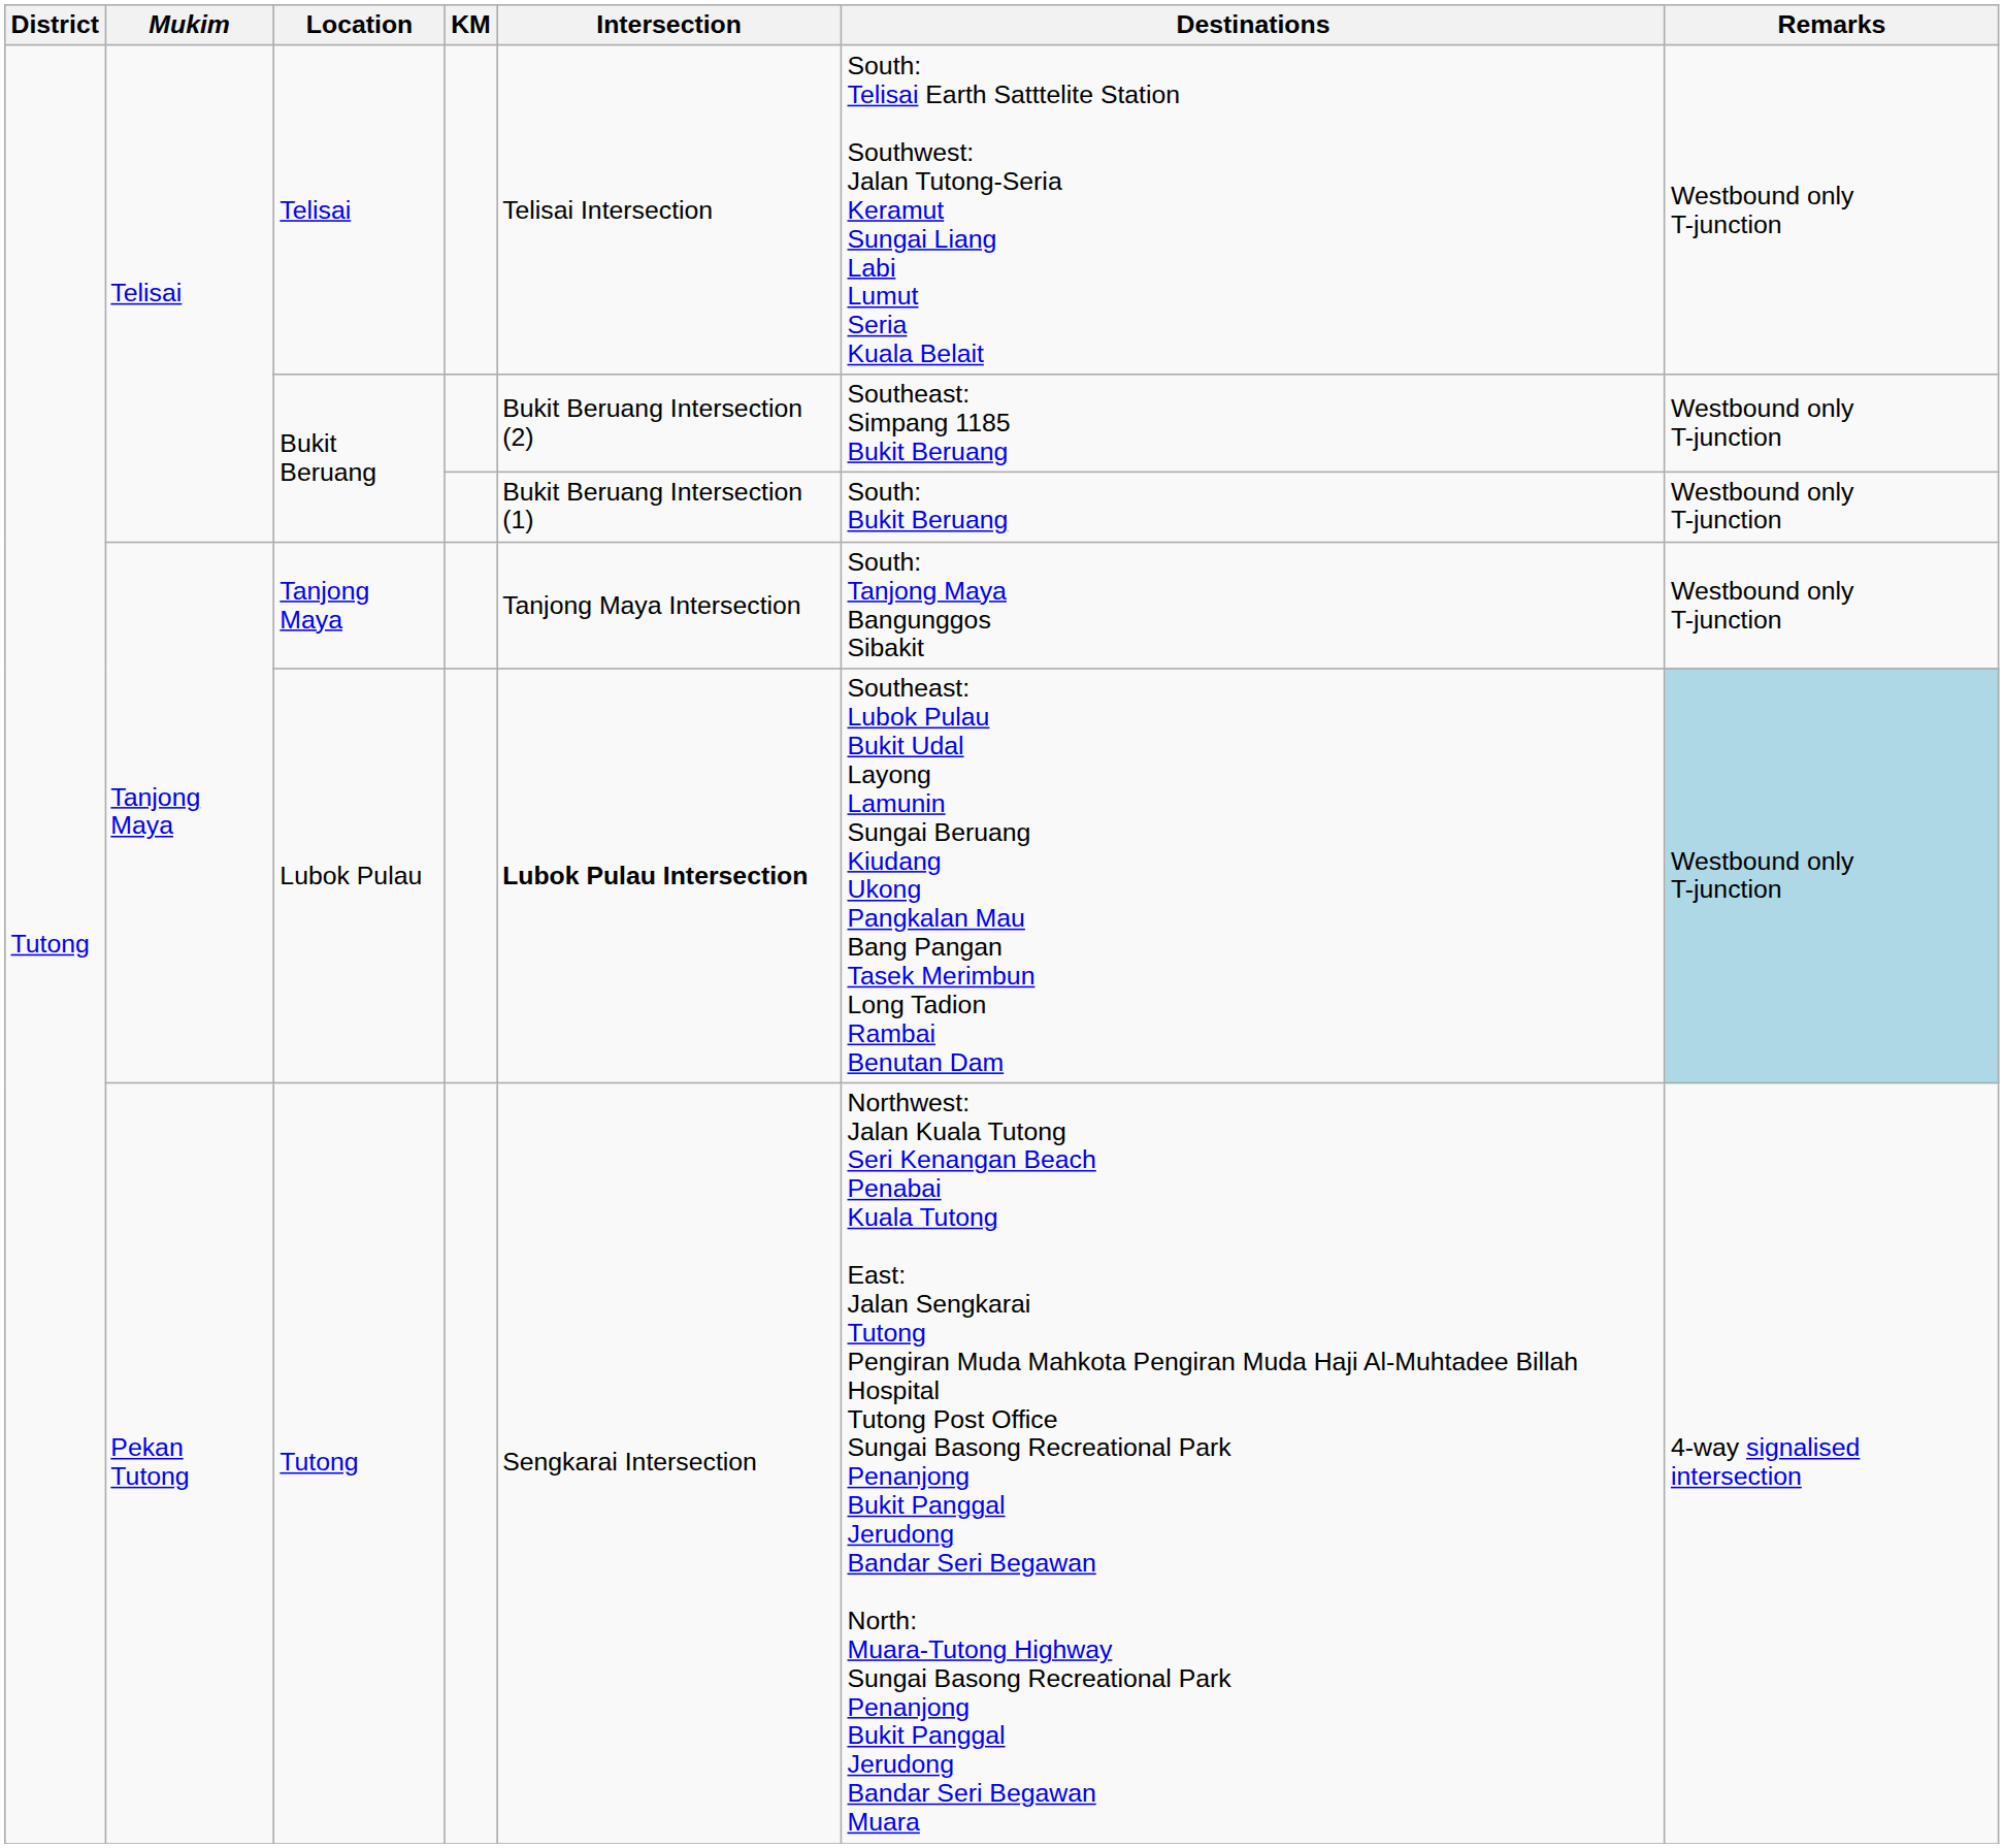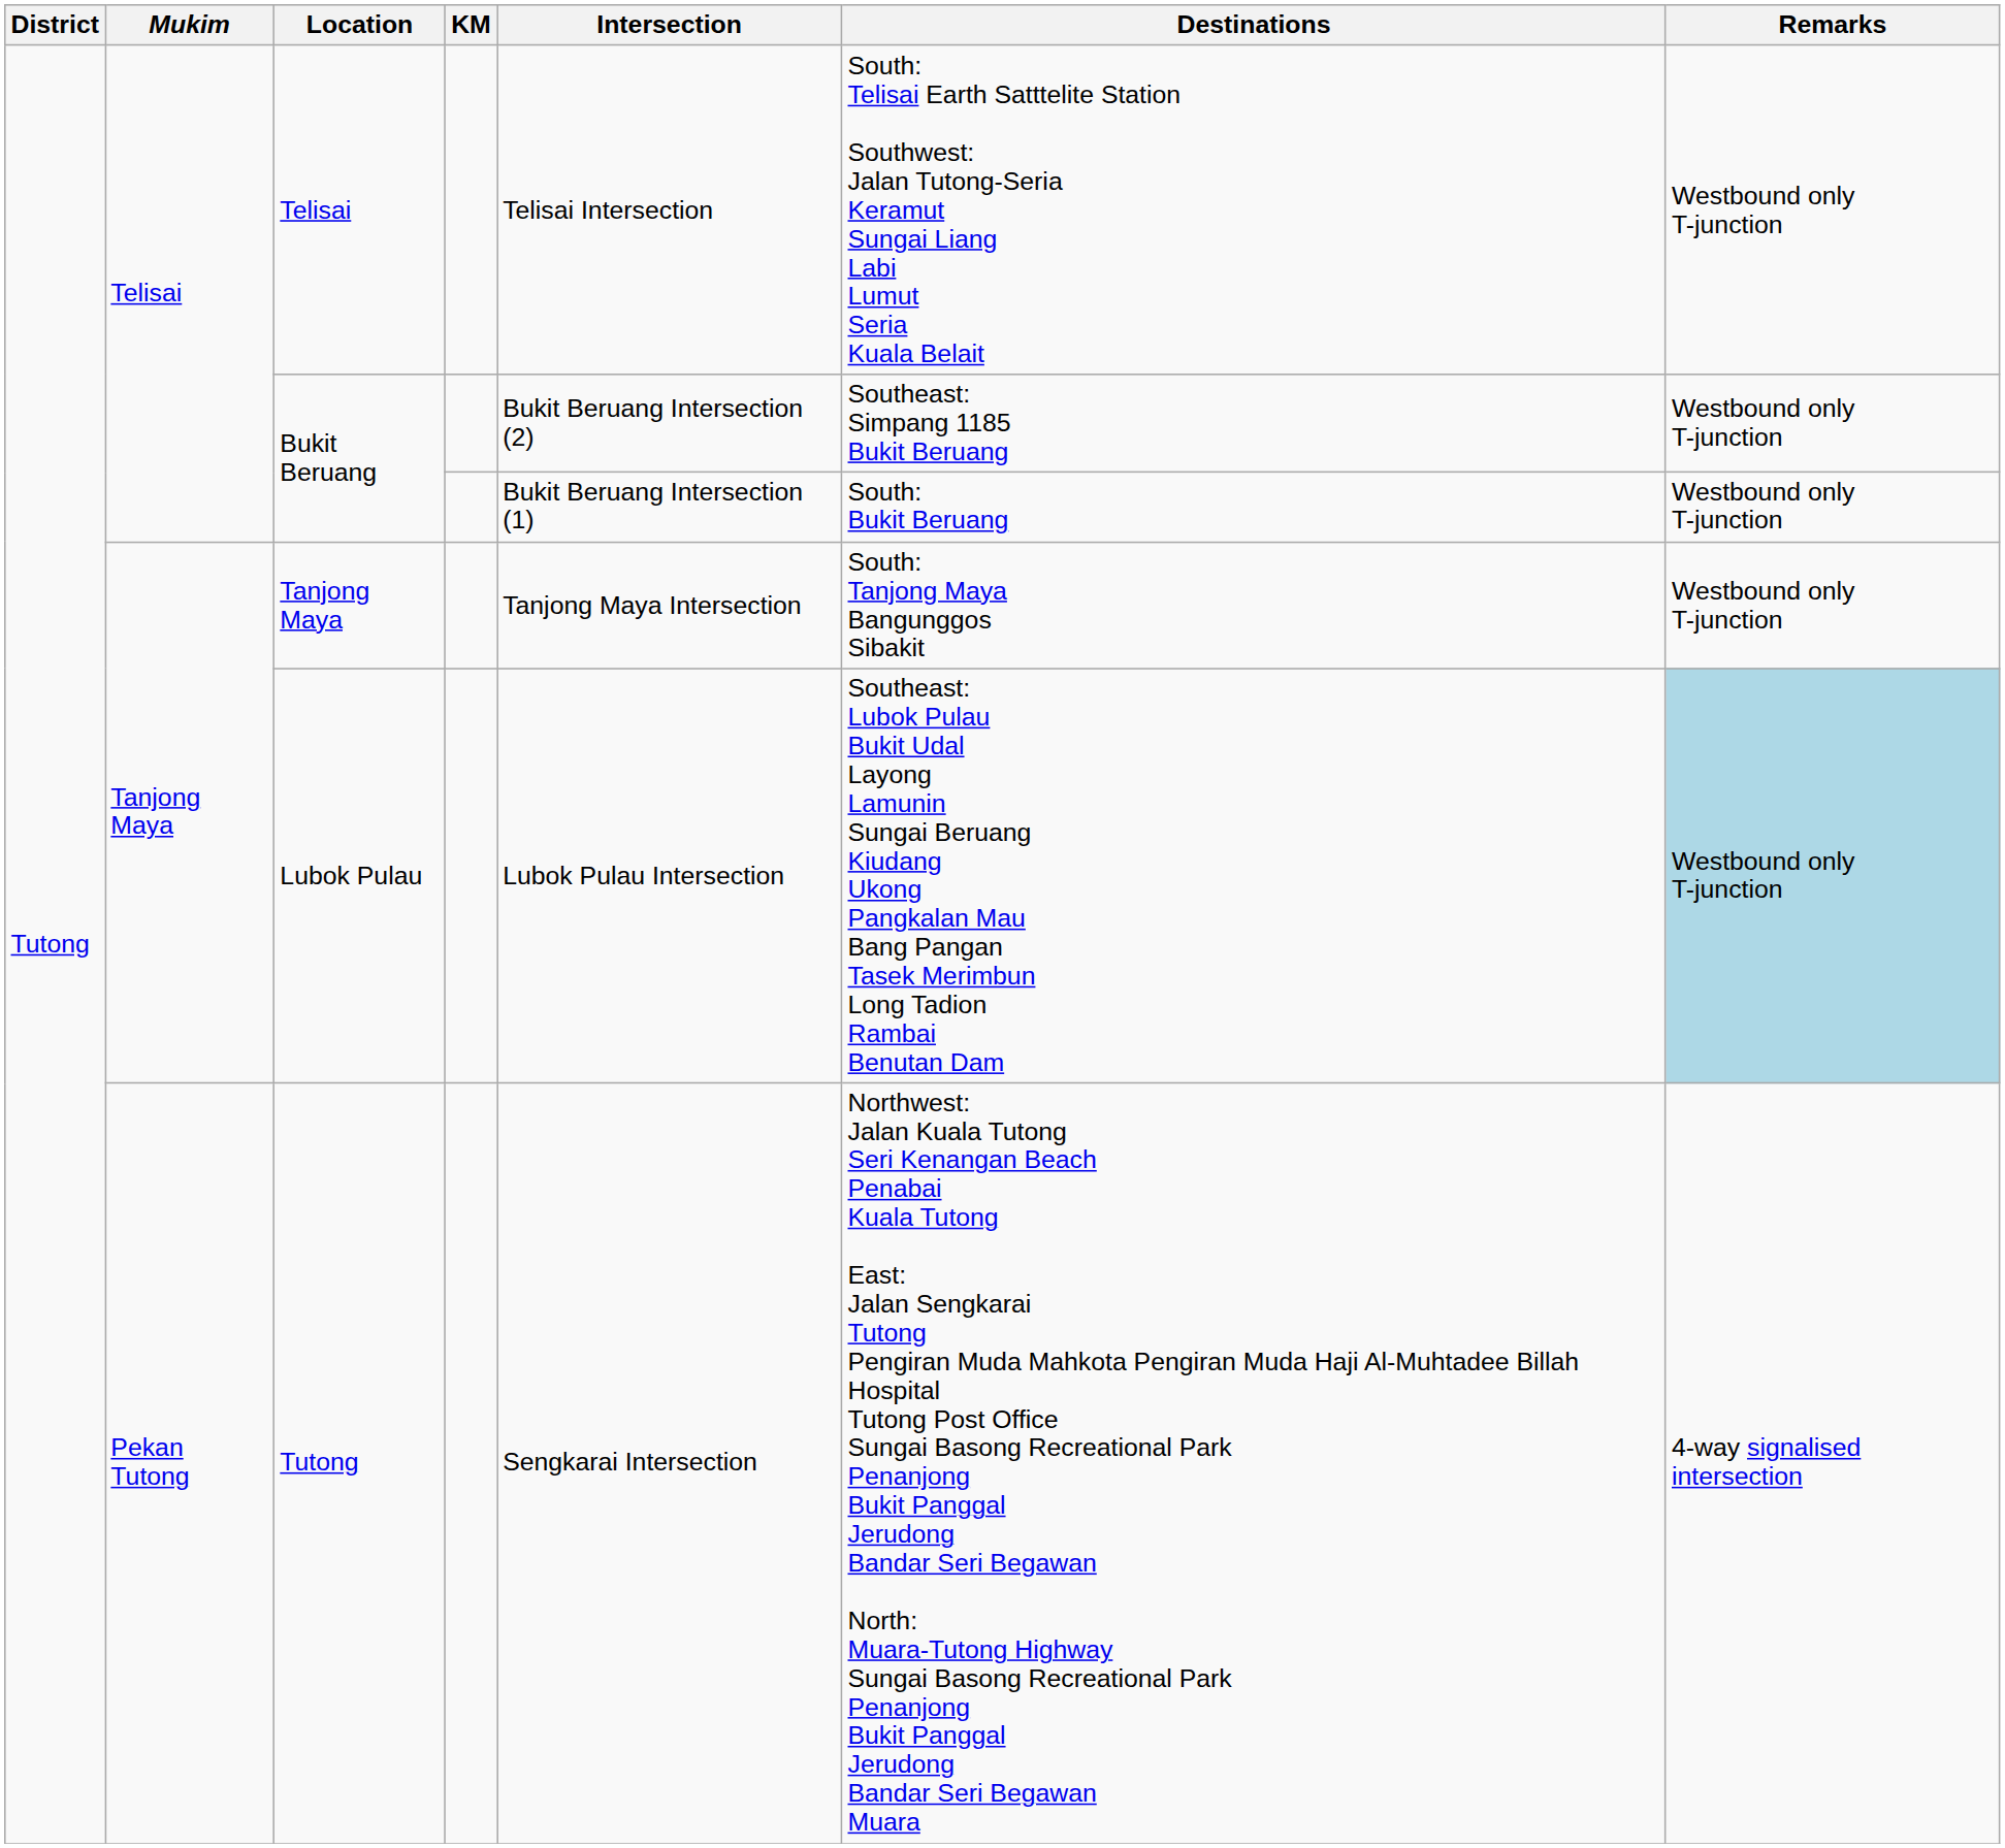 <table class="wikitable">
 <tr>
 <th>District</th>
 <th><em>Mukim</em></th>
 <th>Location</th>
 <th>KM</th>
 <th>Intersection</th>
 <th>Destinations</th>
 <th>Remarks</th>
 </tr>
 <tr>
 <td rowspan="6"><a href='#'>Tutong</a></td>
 <td rowspan="3"><a href='#'>Telisai</a></td>
 <td><a href='#'>Telisai</a></td>
 <td></td>
 <td>Telisai Intersection</td>
 <td>South:<br><a href='#'>Telisai</a> Earth Satttelite Station<br><br>Southwest:<br> Jalan Tutong-Seria<br><a href='#'>Keramut</a><br><a href='#'>Sungai Liang</a><br><a href='#'>Labi</a><br><a href='#'>Lumut</a><br><a href='#'>Seria</a><br><a href='#'>Kuala Belait</a></td>
 <td>Westbound only<br>T-junction</td>
 </tr>
 <tr>
 <td rowspan="2">Bukit Beruang</td>
 <td></td>
 <td>Bukit Beruang Intersection (2)</td>
 <td>Southeast:<br>Simpang 1185<br><a href='#'>Bukit Beruang</a></td>
 <td>Westbound only<br>T-junction</td>
 </tr>
 <tr>
 <td></td>
 <td>Bukit Beruang Intersection (1)</td>
 <td>South:<br><a href='#'>Bukit Beruang</a></td>
 <td>Westbound only<br>T-junction</td>
 </tr>
 <tr>
 <td rowspan="2"><a href='#'>Tanjong Maya</a></td>
 <td><a href='#'>Tanjong Maya</a></td>
 <td></td>
 <td>Tanjong Maya Intersection</td>
 <td>South:<br><a href='#'>Tanjong Maya</a><br>Bangunggos<br>Sibakit</td>
 <td>Westbound only<br>T-junction</td>
 </tr>
 <tr>
 <td>Lubok Pulau</td>
 <td></td>
-<td><strong>Lubok Pulau Intersection</strong></td>
+<td>Lubok Pulau Intersection</td>
 <td>Southeast:<br><a href='#'>Lubok Pulau</a><br><a href='#'>Bukit Udal</a><br>Layong<br><a href='#'>Lamunin</a><br>Sungai Beruang<br><a href='#'>Kiudang</a><br><a href='#'>Ukong</a><br><a href='#'>Pangkalan Mau</a><br>Bang Pangan<br><a href='#'>Tasek Merimbun</a><br>Long Tadion<br><a href='#'>Rambai</a><br><a href='#'>Benutan Dam</a></td>
 <td style="background: lightblue;">Westbound only<br>T-junction</td>
 </tr>
 <tr>
 <td><a href='#'>Pekan Tutong</a></td>
 <td><a href='#'>Tutong</a></td>
 <td></td>
 <td>Sengkarai Intersection</td>
 <td>Northwest:<br>Jalan Kuala Tutong<br><a href='#'>Seri Kenangan Beach</a><br><a href='#'>Penabai</a><br><a href='#'>Kuala Tutong</a><br><br>East:<br>Jalan Sengkarai<br><a href='#'>Tutong</a><br>Pengiran Muda Mahkota Pengiran Muda Haji Al-Muhtadee Billah Hospital <br>Tutong Post Office<br>Sungai Basong Recreational Park<br><a href='#'>Penanjong</a><br><a href='#'>Bukit Panggal</a><br><a href='#'>Jerudong</a><br><a href='#'>Bandar Seri Begawan</a><br><br>North:<br>  <a href='#'>Muara-Tutong Highway</a><br> Sungai Basong Recreational Park<br> <a href='#'>Penanjong</a><br> <a href='#'>Bukit Panggal</a><br> <a href='#'>Jerudong</a><br> <a href='#'>Bandar Seri Begawan</a><br> <a href='#'>Muara</a></td>
 <td>4-way <a href='#'>signalised</a> <a href='#'>intersection</a></td>
 </tr>
 <tr>
 </tr>
 </table>
